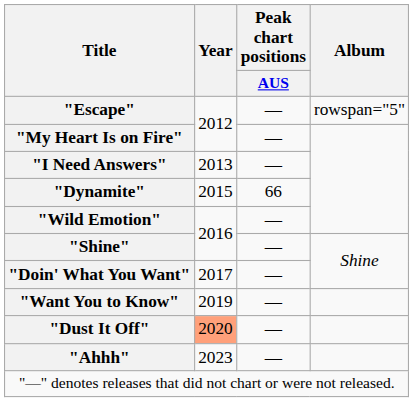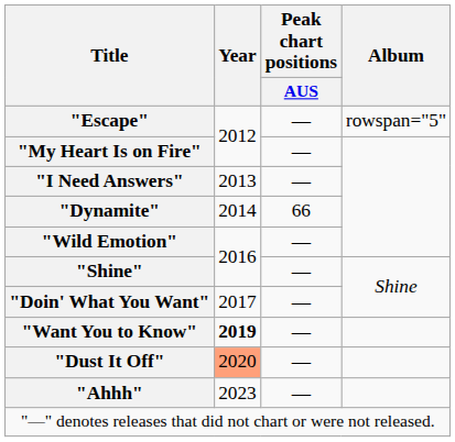 <table class="wikitable plainrowheaders" style="text-align:center;">
 <tr>
 <th scope="col" rowspan="2">Title</th>
 <th scope="col" rowspan="2">Year</th>
 <th scope="col" colspan="1">Peak chart positions</th>
 <th scope="col" rowspan="2">Album</th>
 </tr>
 <tr>
 <th scope="col" style="width:3em;font-size:90%;"><a href='#'>AUS</a><br></th>
 </tr>
 <tr>
 <th scope="row">"Escape"</th>
 <td rowspan="2">2012</td>
 <td>—</td>
 <td>rowspan="5" </td>
 </tr>
 <tr>
 <th scope="row">"My Heart Is on Fire"</th>
 <td>—</td>
 </tr>
 <tr>
 <th scope="row">"I Need Answers"</th>
 <td>2013</td>
 <td>—</td>
 </tr>
 <tr>
 <th scope="row">"Dynamite"<br></th>
-<td>2015</td>
+<td>2014</td>
 <td>66</td>
 </tr>
 <tr>
 <th scope="row">"Wild Emotion"</th>
 <td rowspan="2">2016</td>
 <td>—</td>
 </tr>
 <tr>
 <th scope="row">"Shine"</th>
 <td>—</td>
 <td rowspan="2"><em>Shine</em></td>
 </tr>
 <tr>
 <th scope="row">"Doin' What You Want"</th>
 <td>2017</td>
 <td>—</td>
 </tr>
 <tr>
 <th scope="row">"Want You to Know"</th>
-<td>2019</td>
+<td><strong>2019</strong></td>
 <td>—</td>
 <td></td>
 </tr>
 <tr>
 <th scope="row">"Dust It Off"<br></th>
 <td style="background: lightsalmon;">2020</td>
 <td>—</td>
 <td></td>
 </tr>
 <tr>
 <th scope="row">"Ahhh"</th>
 <td>2023</td>
 <td>—</td>
 <td></td>
 </tr>
 <tr>
 <td align="center" colspan="6" style="font-size:90%">"—" denotes releases that did not chart or were not released.</td>
 </tr>
 </table>
